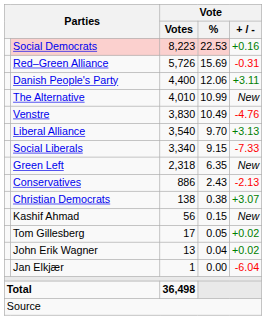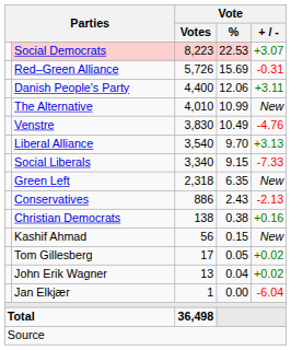 <table class="wikitable" style="text-align:right;">
 <tr>
 <th style="text-align:centre;" rowspan="2" colspan="2" width="225">Parties</th>
 <th colspan="3">Vote</th>
 </tr>
 <tr>
 <th width="15">Votes</th>
 <th width="15">%</th>
 <th width="15">+ / -</th>
 </tr>
 <tr>
 <td width="2" style="color:inherit;background:"></td>
 <td bgcolor=#fbd0ce  align="left"><a href='#'>Social Democrats</a></td>
 <td bgcolor=#fbd0ce>8,223</td>
 <td bgcolor=#fbd0ce>22.53</td>
-<td style=color:green;>+0.16</td>
+<td style=color:green;>+3.07</td>
 </tr>
 <tr>
 <td width="2" style="color:inherit;background:"></td>
 <td align="left"><a href='#'>Red–Green Alliance</a></td>
 <td>5,726</td>
 <td>15.69</td>
 <td style=color:red;>-0.31</td>
 </tr>
 <tr>
 <td width="2" style="color:inherit;background:"></td>
 <td align="left"><a href='#'>Danish People's Party</a></td>
 <td>4,400</td>
 <td>12.06</td>
 <td style=color:green;>+3.11</td>
 </tr>
 <tr>
 <td width="2" style="color:inherit;background:"></td>
 <td align="left"><a href='#'>The Alternative</a></td>
 <td>4,010</td>
 <td>10.99</td>
 <td><em>New</em></td>
 </tr>
 <tr>
 <td width="2" style="color:inherit;background:"></td>
 <td align="left"><a href='#'>Venstre</a></td>
 <td>3,830</td>
 <td>10.49</td>
 <td style=color:red;>-4.76</td>
 </tr>
 <tr>
 <td width="2" style="color:inherit;background:"></td>
 <td align="left"><a href='#'>Liberal Alliance</a></td>
 <td>3,540</td>
 <td>9.70</td>
 <td style=color:green;>+3.13</td>
 </tr>
 <tr>
 <td width="2" style="color:inherit;background:"></td>
 <td align="left"><a href='#'>Social Liberals</a></td>
 <td>3,340</td>
 <td>9.15</td>
 <td style=color:red;>-7.33</td>
 </tr>
 <tr>
 <td width="2" style="color:inherit;background:"></td>
 <td align="left"><a href='#'>Green Left</a></td>
 <td>2,318</td>
 <td>6.35</td>
 <td><em>New</em></td>
 </tr>
 <tr>
 <td width="2" style="color:inherit;background:"></td>
 <td align="left"><a href='#'>Conservatives</a></td>
 <td>886</td>
 <td>2.43</td>
 <td style=color:red;>-2.13</td>
 </tr>
 <tr>
 <td width="2" style="color:inherit;background:"></td>
 <td align="left"><a href='#'>Christian Democrats</a></td>
 <td>138</td>
 <td>0.38</td>
-<td style=color:green;>+3.07</td>
+<td style=color:green;>+0.16</td>
 </tr>
 <tr>
 <td width="2" style="color:inherit;background:"></td>
 <td align="left">Kashif Ahmad</td>
 <td>56</td>
 <td>0.15</td>
 <td><em>New</em></td>
 </tr>
 <tr>
 <td width="2" style="color:inherit;background:"></td>
 <td align="left">Tom Gillesberg</td>
 <td>17</td>
 <td>0.05</td>
 <td style=color:green;>+0.02</td>
 </tr>
 <tr>
 <td width="2" style="color:inherit;background:"></td>
 <td align="left">John Erik Wagner</td>
 <td>13</td>
 <td>0.04</td>
 <td style=color:green;>+0.02</td>
 </tr>
 <tr>
 <td width="2" style="color:inherit;background:"></td>
 <td align="left">Jan Elkjær</td>
 <td>1</td>
 <td>0.00</td>
 <td style=color:red;>-6.04</td>
 </tr>
 <tr>
 <td colspan="7" bgcolor="#E9E9E9"></td>
 </tr>
 <tr>
 <td align="left" colspan="2"><strong>Total</strong></td>
 <td><strong>36,498</strong></td>
 <td bgcolor="#E9E9E9" colspan="2"></td>
 </tr>
 <tr>
 <td align="left" colspan="6">Source</td>
 </tr>
 </table>
